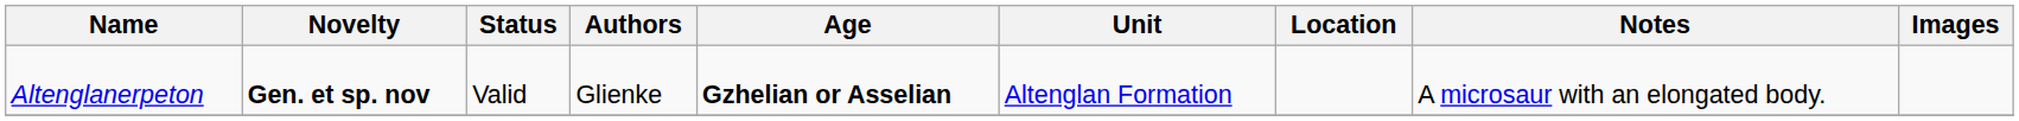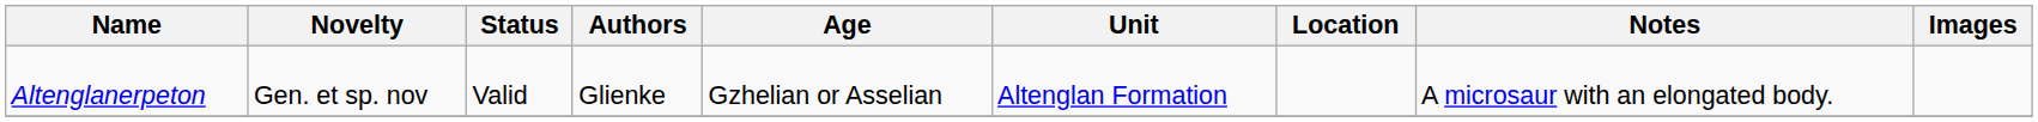 <table class="wikitable sortable" align="center" width="100%">
 <tr>
 <th>Name</th>
 <th>Novelty</th>
 <th>Status</th>
 <th>Authors</th>
 <th>Age</th>
 <th>Unit</th>
 <th>Location</th>
 <th>Notes</th>
 <th>Images</th>
 </tr>
 <tr>
 <td><br><em><a href='#'>Altenglanerpeton</a></em></td>
-<td><strong><br>Gen. et sp. nov</strong></td>
+<td><br>Gen. et sp. nov</td>
 <td><br>Valid</td>
 <td><br>Glienke</td>
-<td><strong><br>Gzhelian or Asselian</strong></td>
+<td><br>Gzhelian or Asselian</td>
 <td><br><a href='#'>Altenglan Formation</a></td>
 <td><br></td>
 <td><br>A <a href='#'>microsaur</a> with an elongated body.</td>
 <td></td>
 </tr>
 <tr>
 </tr>
 </table>
